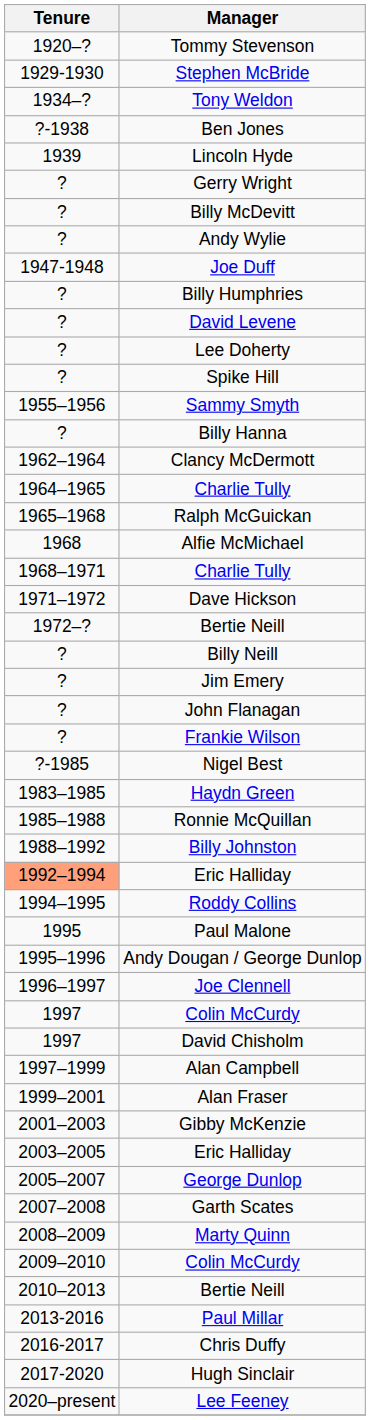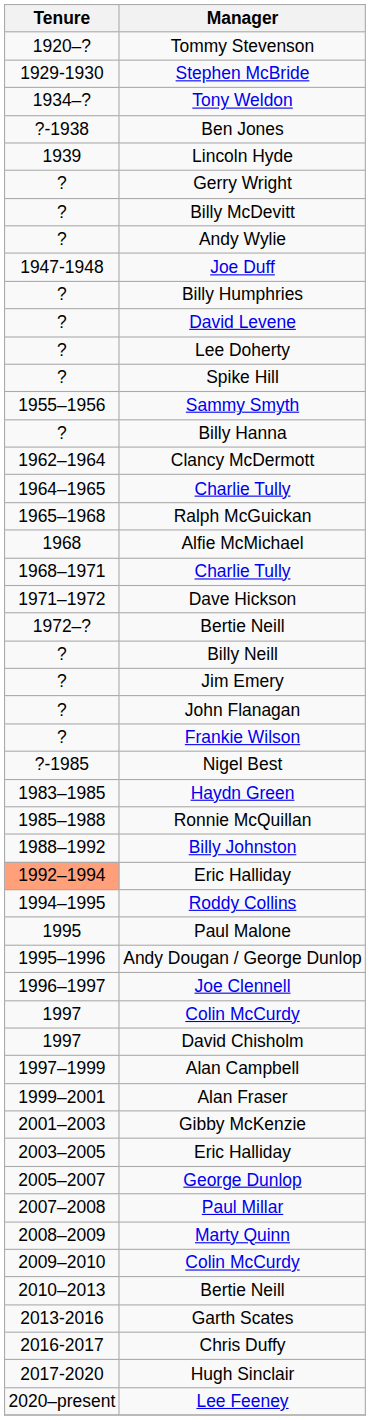 <table class="wikitable" style="text-align: center">
 <tr>
 <th>Tenure</th>
 <th>Manager</th>
 </tr>
 <tr>
 <td>1920–?</td>
 <td>Tommy Stevenson</td>
 </tr>
 <tr>
 <td>1929-1930</td>
 <td> <a href='#'>Stephen McBride</a></td>
 </tr>
 <tr>
 <td>1934–?</td>
 <td> <a href='#'>Tony Weldon</a></td>
 </tr>
 <tr>
 <td>?-1938</td>
 <td>Ben Jones</td>
 </tr>
 <tr>
 <td>1939</td>
 <td>Lincoln Hyde</td>
 </tr>
 <tr>
 <td>?</td>
 <td>Gerry Wright</td>
 </tr>
 <tr>
 <td>?</td>
 <td>Billy McDevitt</td>
 </tr>
 <tr>
 <td>?</td>
 <td>Andy Wylie</td>
 </tr>
 <tr>
 <td>1947-1948</td>
 <td> <a href='#'>Joe Duff</a></td>
 </tr>
 <tr>
 <td>?</td>
 <td>Billy Humphries</td>
 </tr>
 <tr>
 <td>?</td>
 <td> <a href='#'>David Levene</a></td>
 </tr>
 <tr>
 <td>?</td>
 <td>Lee Doherty</td>
 </tr>
 <tr>
 <td>?</td>
 <td> Spike Hill</td>
 </tr>
 <tr>
 <td>1955–1956</td>
 <td> <a href='#'>Sammy Smyth</a></td>
 </tr>
 <tr>
 <td>?</td>
 <td>Billy Hanna</td>
 </tr>
 <tr>
 <td>1962–1964</td>
 <td>Clancy McDermott</td>
 </tr>
 <tr>
 <td>1964–1965</td>
 <td><a href='#'>Charlie Tully</a></td>
 </tr>
 <tr>
 <td>1965–1968</td>
 <td>Ralph McGuickan</td>
 </tr>
 <tr>
 <td>1968</td>
 <td>Alfie McMichael</td>
 </tr>
 <tr>
 <td>1968–1971</td>
 <td><a href='#'>Charlie Tully</a></td>
 </tr>
 <tr>
 <td>1971–1972</td>
 <td>Dave Hickson</td>
 </tr>
 <tr>
 <td>1972–?</td>
 <td>Bertie Neill</td>
 </tr>
 <tr>
 <td>?</td>
 <td>Billy Neill</td>
 </tr>
 <tr>
 <td>?</td>
 <td>Jim Emery</td>
 </tr>
 <tr>
 <td>?</td>
 <td>John Flanagan</td>
 </tr>
 <tr>
 <td>?</td>
 <td> <a href='#'>Frankie Wilson</a></td>
 </tr>
 <tr>
 <td>?-1985</td>
 <td>Nigel Best</td>
 </tr>
 <tr>
 <td>1983–1985</td>
 <td> <a href='#'>Haydn Green</a></td>
 </tr>
 <tr>
 <td>1985–1988</td>
 <td>Ronnie McQuillan</td>
 </tr>
 <tr>
 <td>1988–1992</td>
 <td> <a href='#'>Billy Johnston</a></td>
 </tr>
 <tr>
 <td style="background: lightsalmon;">1992–1994</td>
 <td>Eric Halliday</td>
 </tr>
 <tr>
 <td>1994–1995</td>
 <td> <a href='#'>Roddy Collins</a></td>
 </tr>
 <tr>
 <td>1995</td>
 <td>Paul Malone</td>
 </tr>
 <tr>
 <td>1995–1996</td>
 <td>Andy Dougan / George Dunlop</td>
 </tr>
 <tr>
 <td>1996–1997</td>
 <td> <a href='#'>Joe Clennell</a></td>
 </tr>
 <tr>
 <td>1997</td>
 <td> <a href='#'>Colin McCurdy</a></td>
 </tr>
 <tr>
 <td>1997</td>
 <td>David Chisholm</td>
 </tr>
 <tr>
 <td>1997–1999</td>
 <td>Alan Campbell</td>
 </tr>
 <tr>
 <td>1999–2001</td>
 <td>Alan Fraser</td>
 </tr>
 <tr>
 <td>2001–2003</td>
 <td>Gibby McKenzie</td>
 </tr>
 <tr>
 <td>2003–2005</td>
 <td>Eric Halliday</td>
 </tr>
 <tr>
 <td>2005–2007</td>
 <td> <a href='#'>George Dunlop</a></td>
 </tr>
 <tr>
 <td>2007–2008</td>
-<td> Garth Scates</td>
+<td> <a href='#'>Paul Millar</a></td>
 </tr>
 <tr>
 <td>2008–2009</td>
 <td> <a href='#'>Marty Quinn</a></td>
 </tr>
 <tr>
 <td>2009–2010</td>
 <td> <a href='#'>Colin McCurdy</a></td>
 </tr>
 <tr>
 <td>2010–2013</td>
 <td>Bertie Neill</td>
 </tr>
 <tr>
 <td>2013-2016</td>
-<td> <a href='#'>Paul Millar</a></td>
+<td> Garth Scates</td>
 </tr>
 <tr>
 <td>2016-2017</td>
 <td>Chris Duffy</td>
 </tr>
 <tr>
 <td>2017-2020</td>
 <td> Hugh Sinclair</td>
 </tr>
 <tr>
 <td>2020–present</td>
 <td> <a href='#'>Lee Feeney</a></td>
 </tr>
 <tr>
 </tr>
 </table>
